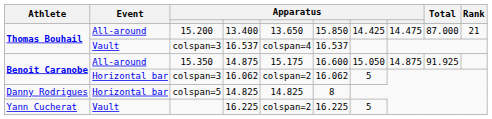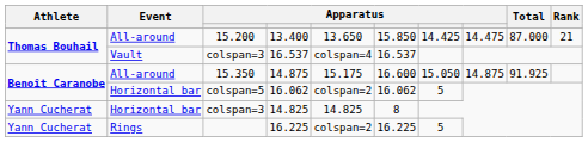 <table class="wikitable" style="font-size:90%">
 <tr>
 <th rowspan=2>Athlete</th>
 <th rowspan=2>Event</th>
 <th colspan =6>Apparatus</th>
 <th rowspan=2>Total</th>
 <th rowspan=2>Rank</th>
 </tr>
 <tr style="font-size:95%">
 <th></th>
 <th></th>
 <th></th>
 <th></th>
 <th></th>
 <th></th>
 </tr>
 <tr align=center>
 <td align=left rowspan=2><strong><a href='#'>Thomas Bouhail</a></strong></td>
 <td align=left><a href='#'>All-around</a></td>
 <td>15.200</td>
 <td>13.400</td>
 <td>13.650</td>
 <td>15.850</td>
 <td>14.425</td>
 <td>14.475</td>
 <td>87.000</td>
 <td>21</td>
 </tr>
 <tr align=center>
 <td align=left><a href='#'>Vault</a></td>
 <td>colspan=3 </td>
 <td>16.537</td>
 <td>colspan=4 </td>
 <td>16.537</td>
 <td></td>
 </tr>
 <tr align=center>
 <td align=left rowspan=2><strong><a href='#'>Benoît Caranobe</a></strong></td>
 <td align=left><a href='#'>All-around</a></td>
 <td>15.350</td>
 <td>14.875</td>
 <td>15.175</td>
 <td>16.600</td>
 <td>15.050</td>
 <td>14.875</td>
 <td>91.925</td>
 <td></td>
 </tr>
 <tr align=center>
 <td align=left><a href='#'>Horizontal bar</a></td>
-<td>colspan=3 </td>
+<td>colspan=5 </td>
 <td>16.062</td>
 <td>colspan=2 </td>
 <td>16.062</td>
 <td>5</td>
 </tr>
 <tr align=center>
-<td align=left><a href='#'>Danny Rodrigues</a></td>
+<td align=left><a href='#'>Yann Cucherat</a></td>
 <td align=left><a href='#'>Horizontal bar</a></td>
-<td>colspan=5 </td>
+<td>colspan=3 </td>
 <td>14.825</td>
 <td>14.825</td>
 <td>8</td>
 </tr>
 <tr align=center>
 <td align=left><a href='#'>Yann Cucherat</a></td>
-<td align=left><a href='#'>Vault</a></td>
+<td align=left><a href='#'>Rings</a></td>
 <td></td>
 <td>16.225</td>
 <td>colspan=2 </td>
 <td>16.225</td>
 <td>5</td>
 </tr>
 </table>
